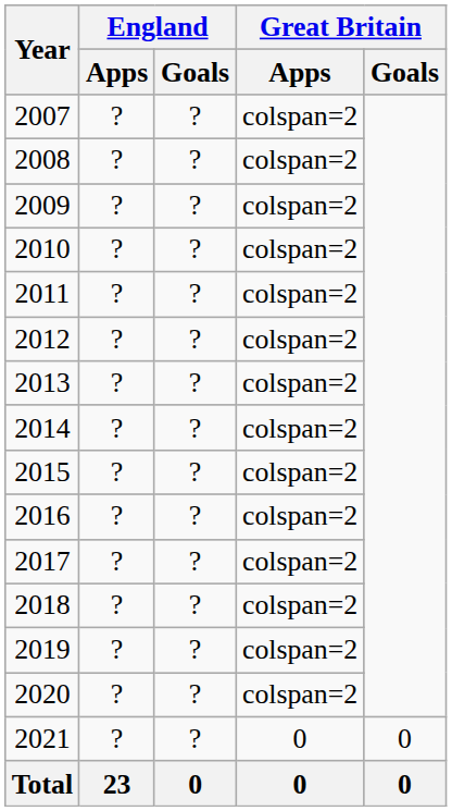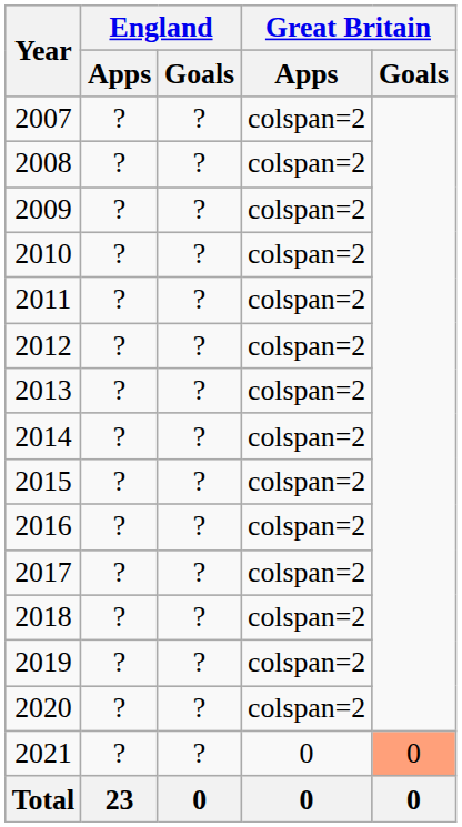 <table class="wikitable" style="text-align:center">
 <tr>
 <th rowspan=2>Year</th>
 <th colspan=2><a href='#'>England</a></th>
 <th colspan=2><a href='#'>Great Britain</a></th>
 </tr>
 <tr>
 <th>Apps</th>
 <th>Goals</th>
 <th>Apps</th>
 <th>Goals</th>
 </tr>
 <tr>
 <td>2007</td>
 <td>?</td>
 <td>?</td>
 <td>colspan=2</td>
 </tr>
 <tr>
 <td>2008</td>
 <td>?</td>
 <td>?</td>
 <td>colspan=2</td>
 </tr>
 <tr>
 <td>2009</td>
 <td>?</td>
 <td>?</td>
 <td>colspan=2</td>
 </tr>
 <tr>
 <td>2010</td>
 <td>?</td>
 <td>?</td>
 <td>colspan=2</td>
 </tr>
 <tr>
 <td>2011</td>
 <td>?</td>
 <td>?</td>
 <td>colspan=2</td>
 </tr>
 <tr>
 <td>2012</td>
 <td>?</td>
 <td>?</td>
 <td>colspan=2</td>
 </tr>
 <tr>
 <td>2013</td>
 <td>?</td>
 <td>?</td>
 <td>colspan=2</td>
 </tr>
 <tr>
 <td>2014</td>
 <td>?</td>
 <td>?</td>
 <td>colspan=2</td>
 </tr>
 <tr>
 <td>2015</td>
 <td>?</td>
 <td>?</td>
 <td>colspan=2</td>
 </tr>
 <tr>
 <td>2016</td>
 <td>?</td>
 <td>?</td>
 <td>colspan=2</td>
 </tr>
 <tr>
 <td>2017</td>
 <td>?</td>
 <td>?</td>
 <td>colspan=2</td>
 </tr>
 <tr>
 <td>2018</td>
 <td>?</td>
 <td>?</td>
 <td>colspan=2</td>
 </tr>
 <tr>
 <td>2019</td>
 <td>?</td>
 <td>?</td>
 <td>colspan=2</td>
 </tr>
 <tr>
 <td>2020</td>
 <td>?</td>
 <td>?</td>
 <td>colspan=2</td>
 </tr>
 <tr>
 <td>2021</td>
 <td>?</td>
 <td>?</td>
 <td>0</td>
-<td>0</td>
+<td style="background: lightsalmon;">0</td>
 </tr>
 <tr>
 <th>Total</th>
 <th>23</th>
 <th>0</th>
 <th>0</th>
 <th>0</th>
 </tr>
 </table>
